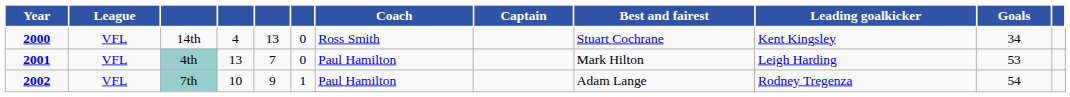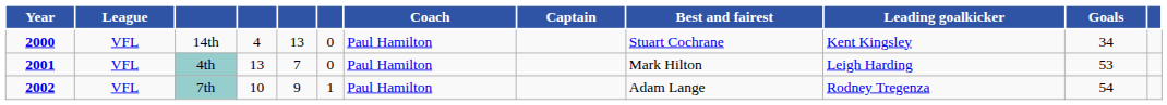 <table class="wikitable"; style="width:100%;">
 <tr>
 <th style="background:#2F54A5; color:#FFFFFF; border:solid #FFFFFF 2px">Year</th>
 <th style="background:#2F54A5; color:#FFFFFF; border:solid #FFFFFF 2px">League</th>
 <th style="background:#2F54A5; color:#FFFFFF; border:solid #FFFFFF 2px"></th>
 <th style="background:#2F54A5; color:#FFFFFF; border:solid #FFFFFF 2px"></th>
 <th style="background:#2F54A5; color:#FFFFFF; border:solid #FFFFFF 2px"></th>
 <th style="background:#2F54A5; color:#FFFFFF; border:solid #FFFFFF 2px"></th>
 <th style="background:#2F54A5; color:#FFFFFF; border:solid #FFFFFF 2px">Coach</th>
 <th style="background:#2F54A5; color:#FFFFFF; border:solid #FFFFFF 2px">Captain</th>
 <th style="background:#2F54A5; color:#FFFFFF; border:solid #FFFFFF 2px">Best and fairest</th>
 <th style="background:#2F54A5; color:#FFFFFF; border:solid #FFFFFF 2px">Leading goalkicker</th>
 <th style="background:#2F54A5; color:#FFFFFF; border:solid #FFFFFF 2px">Goals</th>
 <th style="background:#2F54A5; color:#FFFFFF; border:solid #FFFFFF 2px"></th>
 </tr>
 <tr>
 <td align="center"><strong><a href='#'>2000</a></strong></td>
 <td align="center"><a href='#'>VFL</a></td>
 <td align="center">14th</td>
 <td align="center">4</td>
 <td align="center">13</td>
 <td align="center">0</td>
-<td><a href='#'>Ross Smith</a></td>
+<td><a href='#'>Paul Hamilton</a></td>
 <td></td>
 <td><a href='#'>Stuart Cochrane</a></td>
 <td><a href='#'>Kent Kingsley</a></td>
 <td align="center">34</td>
 <td align="center"></td>
 </tr>
 <tr>
 <td align="center"><strong><a href='#'>2001</a></strong></td>
 <td align="center"><a href='#'>VFL</a></td>
 <td style=background:#96CDCD; align="center">4th</td>
 <td align="center">13</td>
 <td align="center">7</td>
 <td align="center">0</td>
 <td><a href='#'>Paul Hamilton</a></td>
 <td></td>
 <td>Mark Hilton</td>
 <td><a href='#'>Leigh Harding</a></td>
 <td align="center">53</td>
 <td align="center"></td>
 </tr>
 <tr>
 <td align="center"><strong><a href='#'>2002</a></strong></td>
 <td align="center"><a href='#'>VFL</a></td>
 <td style=background:#96CDCD; align="center">7th</td>
 <td align="center">10</td>
 <td align="center">9</td>
 <td align="center">1</td>
 <td><a href='#'>Paul Hamilton</a></td>
 <td></td>
 <td>Adam Lange</td>
 <td><a href='#'>Rodney Tregenza</a></td>
 <td align="center">54</td>
 <td align="center"></td>
 </tr>
 </table>
